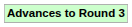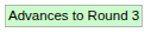 <table class="wikitable">
 <tr>
 </tr>
 <tr width=10px bgcolor=ccffcc>
-<td><strong>Advances to Round 3</strong></td>
+<td>Advances to Round 3</td>
 </tr>
 <tr>
 </tr>
 </table>
